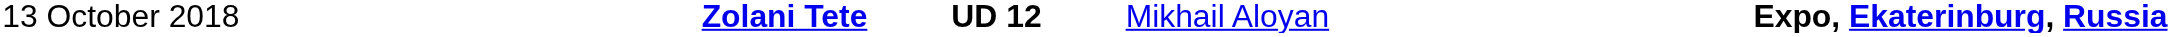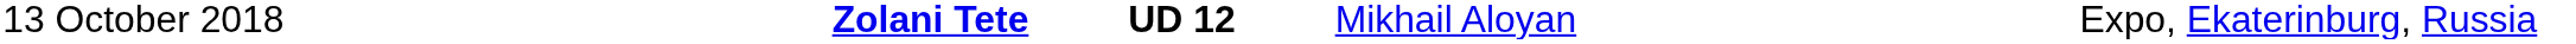 <table cellspacing="1" style="width:100%;">
 <tr>
 <th width="15%"></th>
 <th width="25%"></th>
 <th width="10%"></th>
 <th width="25%"></th>
 </tr>
 <tr style="font-size:100%">
 <td align="right">13 October 2018</td>
 <td align="right"><strong><a href='#'>Zolani Tete</a></strong> </td>
 <td align="center"><strong>UD 12</strong></td>
 <td> <a href='#'>Mikhail Aloyan</a></td>
-<td><strong>Expo, <a href='#'>Ekaterinburg</a>, <a href='#'>Russia</a></strong></td>
+<td>Expo, <a href='#'>Ekaterinburg</a>, <a href='#'>Russia</a></td>
 </tr>
 </table>
